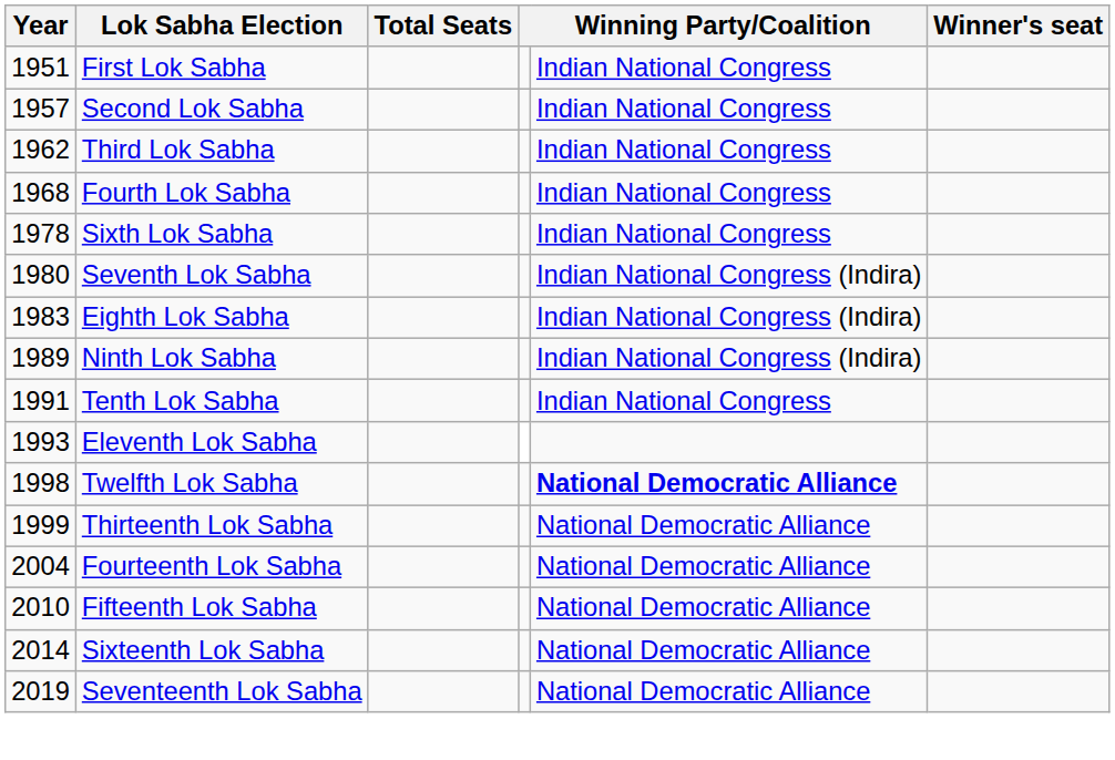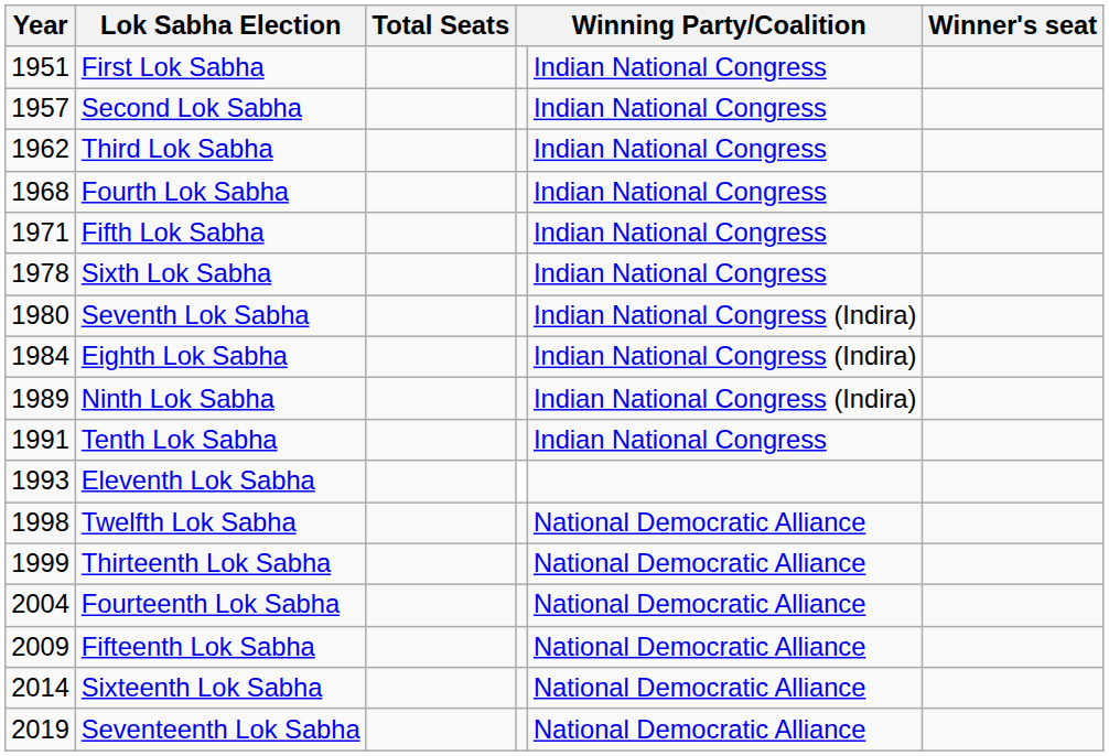 <table class="wikitable">
 <tr>
 <th>Year</th>
 <th>Lok Sabha Election</th>
 <th>Total Seats</th>
 <th colspan=2>Winning Party/Coalition</th>
 <th>Winner's seat</th>
 </tr>
 <tr>
 <td>1951</td>
 <td><a href='#'>First Lok Sabha</a></td>
 <td></td>
 <td style="background-color: "></td>
 <td><a href='#'>Indian National Congress</a></td>
 <td></td>
 </tr>
 <tr>
 <td>1957</td>
 <td><a href='#'>Second Lok Sabha</a></td>
 <td></td>
 <td style="background-color: "></td>
 <td><a href='#'>Indian National Congress</a></td>
 <td></td>
 </tr>
 <tr>
 <td>1962</td>
 <td><a href='#'>Third Lok Sabha</a></td>
 <td></td>
 <td style="background-color: "></td>
 <td><a href='#'>Indian National Congress</a></td>
 <td></td>
 </tr>
 <tr>
 <td>1968</td>
 <td><a href='#'>Fourth Lok Sabha</a></td>
 <td></td>
 <td style="background-color: "></td>
 <td><a href='#'>Indian National Congress</a></td>
 <td></td>
 </tr>
 <tr>
+<td>1971</td>
+<td><a href='#'>Fifth Lok Sabha</a></td>
+<td></td>
+<td style="background-color: "></td>
+<td><a href='#'>Indian National Congress</a></td>
+<td></td>
+</tr>
+<tr>
 <td>1978</td>
 <td><a href='#'>Sixth Lok Sabha</a></td>
 <td></td>
 <td style="background-color: "></td>
 <td><a href='#'>Indian National Congress</a></td>
 <td></td>
 </tr>
 <tr>
 <td>1980</td>
 <td><a href='#'>Seventh Lok Sabha</a></td>
 <td></td>
 <td style="background-color: "></td>
 <td><a href='#'>Indian National Congress</a> (Indira)</td>
 <td></td>
 </tr>
 <tr>
-<td>1983</td>
+<td>1984</td>
 <td><a href='#'>Eighth Lok Sabha</a></td>
 <td></td>
 <td style="background-color: "></td>
 <td><a href='#'>Indian National Congress</a> (Indira)</td>
 <td></td>
 </tr>
 <tr>
 <td>1989</td>
 <td><a href='#'>Ninth Lok Sabha</a></td>
 <td></td>
 <td style="background-color: "></td>
 <td><a href='#'>Indian National Congress</a> (Indira)</td>
 <td></td>
 </tr>
 <tr>
 <td>1991</td>
 <td><a href='#'>Tenth Lok Sabha</a></td>
 <td></td>
 <td style="background-color: "></td>
 <td><a href='#'>Indian National Congress</a></td>
 <td></td>
 </tr>
 <tr>
 <td>1993</td>
 <td><a href='#'>Eleventh Lok Sabha</a></td>
 <td></td>
 <td style="background:white;"></td>
 <td></td>
 <td></td>
 </tr>
 <tr>
 <td>1998</td>
 <td><a href='#'>Twelfth Lok Sabha</a></td>
 <td></td>
 <td style="background-color: "></td>
-<td><strong><a href='#'>National Democratic Alliance</a></strong></td>
+<td><a href='#'>National Democratic Alliance</a></td>
 <td></td>
 </tr>
 <tr>
 <td>1999</td>
 <td><a href='#'>Thirteenth Lok Sabha</a></td>
 <td></td>
 <td style="background-color: "></td>
 <td><a href='#'>National Democratic Alliance</a></td>
 <td></td>
 </tr>
 <tr>
 <td>2004</td>
 <td><a href='#'>Fourteenth Lok Sabha</a></td>
 <td></td>
 <td style="background-color: "></td>
 <td><a href='#'>National Democratic Alliance</a></td>
 <td></td>
 </tr>
 <tr>
-<td>2010</td>
+<td>2009</td>
 <td><a href='#'>Fifteenth Lok Sabha</a></td>
 <td></td>
 <td style="background-color: "></td>
 <td><a href='#'>National Democratic Alliance</a></td>
 <td></td>
 </tr>
 <tr>
 <td>2014</td>
 <td><a href='#'>Sixteenth Lok Sabha</a></td>
 <td></td>
 <td style="background-color: "></td>
 <td><a href='#'>National Democratic Alliance</a></td>
 <td></td>
 </tr>
 <tr>
 <td>2019</td>
 <td><a href='#'>Seventeenth Lok Sabha</a></td>
 <td></td>
 <td style="background-color: "></td>
 <td><a href='#'>National Democratic Alliance</a></td>
 <td></td>
 </tr>
 </table>
